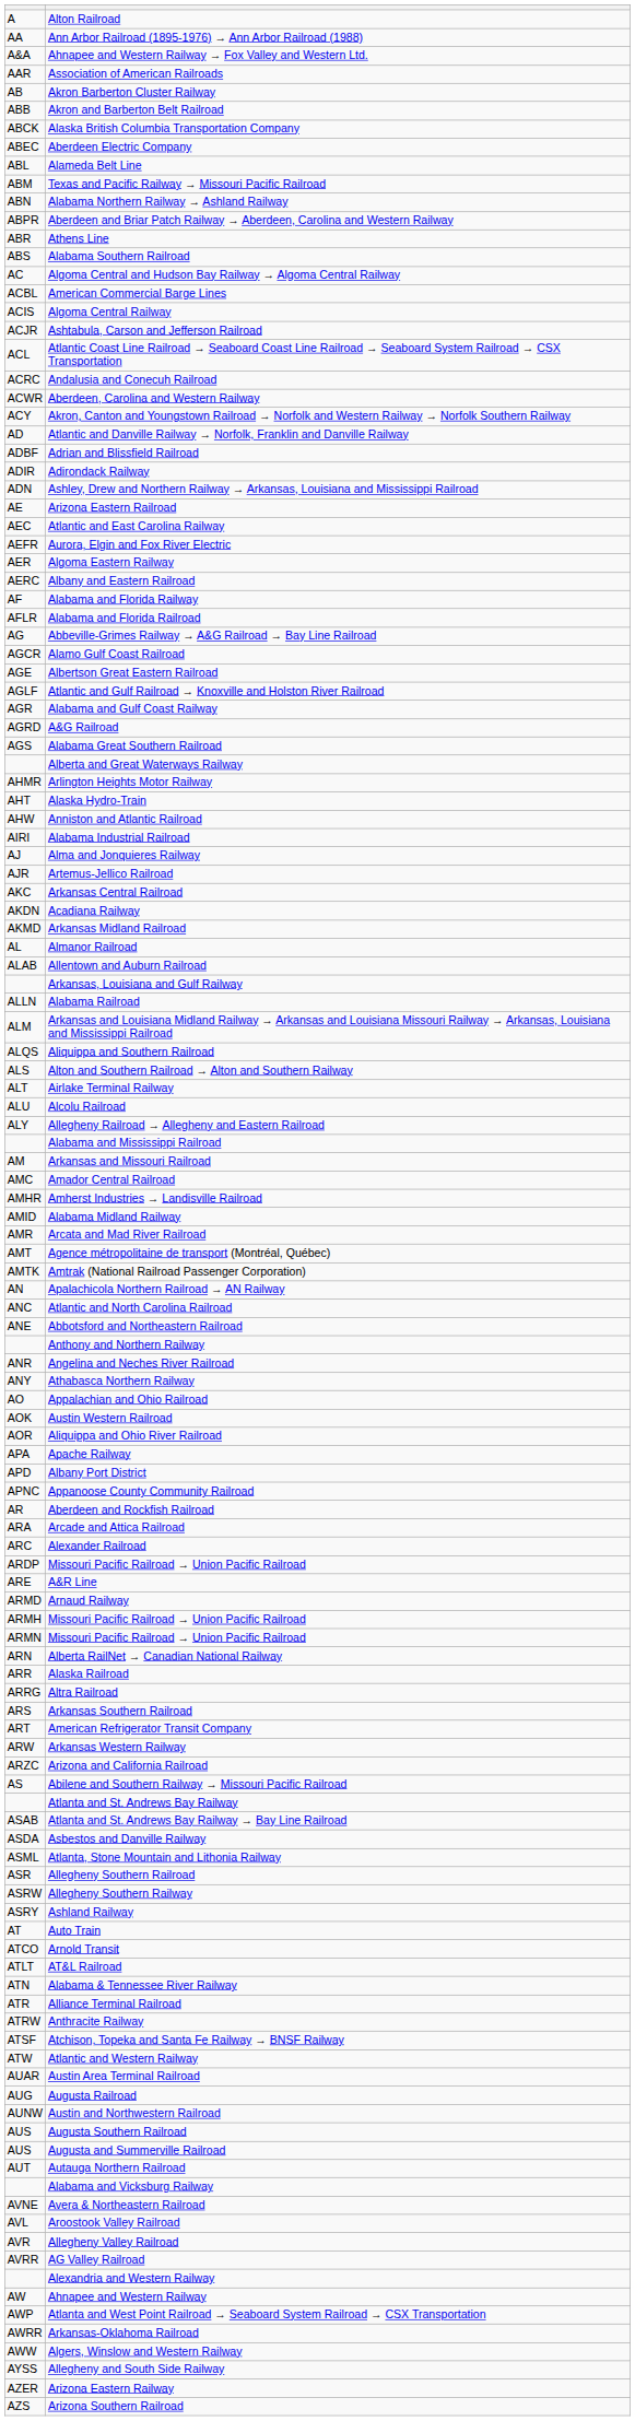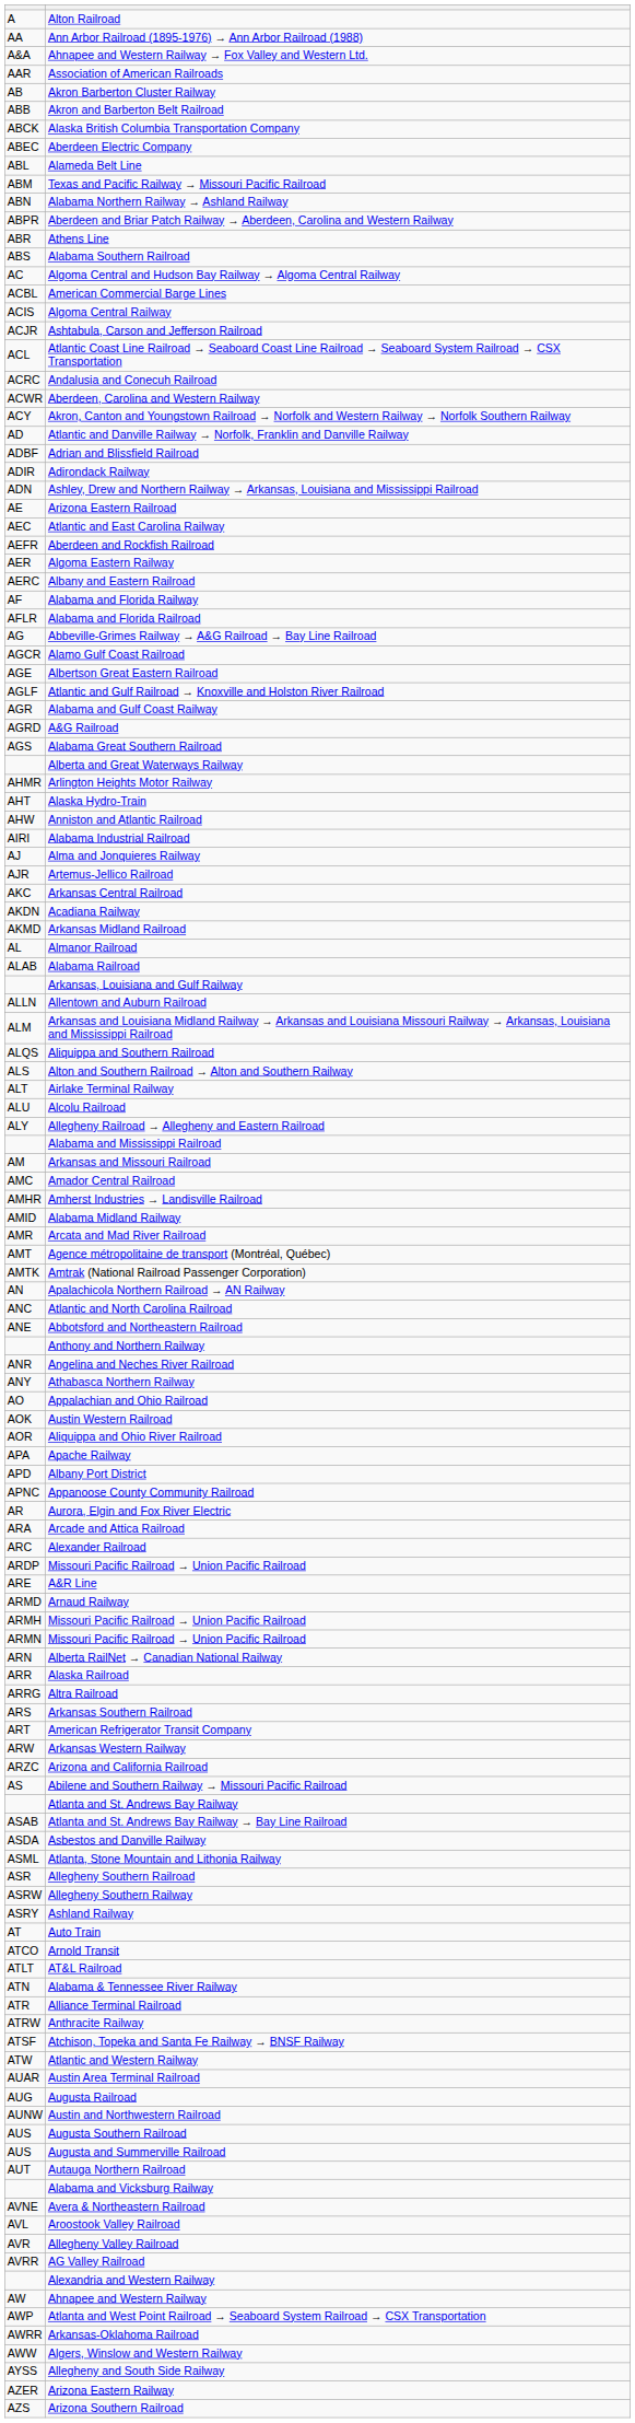 <table class="wikitable sortable">
 <tr>
 <th></th>
 <th></th>
 </tr>
 <tr>
 <td>A</td>
 <td><a href='#'>Alton Railroad</a></td>
 </tr>
 <tr>
 <td>AA</td>
 <td><a href='#'>Ann Arbor Railroad (1895-1976)</a> → <a href='#'>Ann Arbor Railroad (1988)</a></td>
 </tr>
 <tr>
 <td>A&A</td>
 <td><a href='#'>Ahnapee and Western Railway</a> → <a href='#'>Fox Valley and Western Ltd.</a></td>
 </tr>
 <tr>
 <td>AAR</td>
 <td><a href='#'>Association of American Railroads</a></td>
 </tr>
 <tr>
 <td>AB</td>
 <td><a href='#'>Akron Barberton Cluster Railway</a></td>
 </tr>
 <tr>
 <td>ABB</td>
 <td><a href='#'>Akron and Barberton Belt Railroad</a></td>
 </tr>
 <tr>
 <td>ABCK</td>
 <td><a href='#'>Alaska British Columbia Transportation Company</a></td>
 </tr>
 <tr>
 <td>ABEC</td>
 <td><a href='#'>Aberdeen Electric Company</a></td>
 </tr>
 <tr>
 <td>ABL</td>
 <td><a href='#'>Alameda Belt Line</a></td>
 </tr>
 <tr>
 <td>ABM</td>
 <td><a href='#'>Texas and Pacific Railway</a> → <a href='#'>Missouri Pacific Railroad</a></td>
 </tr>
 <tr>
 <td>ABN</td>
 <td><a href='#'>Alabama Northern Railway</a> → <a href='#'>Ashland Railway</a></td>
 </tr>
 <tr>
 <td>ABPR</td>
 <td><a href='#'>Aberdeen and Briar Patch Railway</a> → <a href='#'>Aberdeen, Carolina and Western Railway</a></td>
 </tr>
 <tr>
 <td>ABR</td>
 <td><a href='#'>Athens Line</a></td>
 </tr>
 <tr>
 <td>ABS</td>
 <td><a href='#'>Alabama Southern Railroad</a></td>
 </tr>
 <tr>
 <td>AC</td>
 <td><a href='#'>Algoma Central and Hudson Bay Railway</a> → <a href='#'>Algoma Central Railway</a></td>
 </tr>
 <tr>
 <td>ACBL</td>
 <td><a href='#'>American Commercial Barge Lines</a></td>
 </tr>
 <tr>
 <td>ACIS</td>
 <td><a href='#'>Algoma Central Railway</a></td>
 </tr>
 <tr>
 <td>ACJR</td>
 <td><a href='#'>Ashtabula, Carson and Jefferson Railroad</a></td>
 </tr>
 <tr>
 <td>ACL</td>
 <td><a href='#'>Atlantic Coast Line Railroad</a> → <a href='#'>Seaboard Coast Line Railroad</a> → <a href='#'>Seaboard System Railroad</a> → <a href='#'>CSX Transportation</a></td>
 </tr>
 <tr>
 <td>ACRC</td>
 <td><a href='#'>Andalusia and Conecuh Railroad</a></td>
 </tr>
 <tr>
 <td>ACWR</td>
 <td><a href='#'>Aberdeen, Carolina and Western Railway</a></td>
 </tr>
 <tr>
 <td>ACY</td>
 <td><a href='#'>Akron, Canton and Youngstown Railroad</a> → <a href='#'>Norfolk and Western Railway</a> → <a href='#'>Norfolk Southern Railway</a></td>
 </tr>
 <tr>
 <td>AD</td>
 <td><a href='#'>Atlantic and Danville Railway</a> → <a href='#'>Norfolk, Franklin and Danville Railway</a></td>
 </tr>
 <tr>
 <td>ADBF</td>
 <td><a href='#'>Adrian and Blissfield Railroad</a></td>
 </tr>
 <tr>
 <td>ADIR</td>
 <td><a href='#'>Adirondack Railway</a></td>
 </tr>
 <tr>
 <td>ADN</td>
 <td><a href='#'>Ashley, Drew and Northern Railway</a> → <a href='#'>Arkansas, Louisiana and Mississippi Railroad</a></td>
 </tr>
 <tr>
 <td>AE</td>
 <td><a href='#'>Arizona Eastern Railroad</a></td>
 </tr>
 <tr>
 <td>AEC</td>
 <td><a href='#'>Atlantic and East Carolina Railway</a></td>
 </tr>
 <tr>
 <td>AEFR</td>
-<td><a href='#'>Aurora, Elgin and Fox River Electric</a></td>
+<td><a href='#'>Aberdeen and Rockfish Railroad</a></td>
 </tr>
 <tr>
 <td>AER</td>
 <td><a href='#'>Algoma Eastern Railway</a></td>
 </tr>
 <tr>
 <td>AERC</td>
 <td><a href='#'>Albany and Eastern Railroad</a></td>
 </tr>
 <tr>
 <td>AF</td>
 <td><a href='#'>Alabama and Florida Railway</a></td>
 </tr>
 <tr>
 <td>AFLR</td>
 <td><a href='#'>Alabama and Florida Railroad</a></td>
 </tr>
 <tr>
 <td>AG</td>
 <td><a href='#'>Abbeville-Grimes Railway</a> → <a href='#'>A&G Railroad</a> → <a href='#'>Bay Line Railroad</a></td>
 </tr>
 <tr>
 <td>AGCR</td>
 <td><a href='#'>Alamo Gulf Coast Railroad</a></td>
 </tr>
 <tr>
 <td>AGE</td>
 <td><a href='#'>Albertson Great Eastern Railroad</a></td>
 </tr>
 <tr>
 <td>AGLF</td>
 <td><a href='#'>Atlantic and Gulf Railroad</a> → <a href='#'>Knoxville and Holston River Railroad</a></td>
 </tr>
 <tr>
 <td>AGR</td>
 <td><a href='#'>Alabama and Gulf Coast Railway</a></td>
 </tr>
 <tr>
 <td>AGRD</td>
 <td><a href='#'>A&G Railroad</a></td>
 </tr>
 <tr>
 <td>AGS</td>
 <td><a href='#'>Alabama Great Southern Railroad</a></td>
 </tr>
 <tr>
 <td></td>
 <td><a href='#'>Alberta and Great Waterways Railway</a></td>
 </tr>
 <tr>
 <td>AHMR</td>
 <td><a href='#'>Arlington Heights Motor Railway</a></td>
 </tr>
 <tr>
 <td>AHT</td>
 <td><a href='#'>Alaska Hydro-Train</a></td>
 </tr>
 <tr>
 <td>AHW</td>
 <td><a href='#'>Anniston and Atlantic Railroad</a></td>
 </tr>
 <tr>
 <td>AIRI</td>
 <td><a href='#'>Alabama Industrial Railroad</a></td>
 </tr>
 <tr>
 <td>AJ</td>
 <td><a href='#'>Alma and Jonquieres Railway</a></td>
 </tr>
 <tr>
 <td>AJR</td>
 <td><a href='#'>Artemus-Jellico Railroad</a></td>
 </tr>
 <tr>
 <td>AKC</td>
 <td><a href='#'>Arkansas Central Railroad</a></td>
 </tr>
 <tr>
 <td>AKDN</td>
 <td><a href='#'>Acadiana Railway</a></td>
 </tr>
 <tr>
 <td>AKMD</td>
 <td><a href='#'>Arkansas Midland Railroad</a></td>
 </tr>
 <tr>
 <td>AL</td>
 <td><a href='#'>Almanor Railroad</a></td>
 </tr>
 <tr>
 <td>ALAB</td>
-<td><a href='#'>Allentown and Auburn Railroad</a></td>
+<td><a href='#'>Alabama Railroad</a></td>
 </tr>
 <tr>
 <td></td>
 <td><a href='#'>Arkansas, Louisiana and Gulf Railway</a></td>
 </tr>
 <tr>
 <td>ALLN</td>
-<td><a href='#'>Alabama Railroad</a></td>
+<td><a href='#'>Allentown and Auburn Railroad</a></td>
 </tr>
 <tr>
 <td>ALM</td>
 <td><a href='#'>Arkansas and Louisiana Midland Railway</a> → <a href='#'>Arkansas and Louisiana Missouri Railway</a> → <a href='#'>Arkansas, Louisiana and Mississippi Railroad</a></td>
 </tr>
 <tr>
 <td>ALQS</td>
 <td><a href='#'>Aliquippa and Southern Railroad</a></td>
 </tr>
 <tr>
 <td>ALS</td>
 <td><a href='#'>Alton and Southern Railroad</a> → <a href='#'>Alton and Southern Railway</a></td>
 </tr>
 <tr>
 <td>ALT</td>
 <td><a href='#'>Airlake Terminal Railway</a></td>
 </tr>
 <tr>
 <td>ALU</td>
 <td><a href='#'>Alcolu Railroad</a></td>
 </tr>
 <tr>
 <td>ALY</td>
 <td><a href='#'>Allegheny Railroad</a> → <a href='#'>Allegheny and Eastern Railroad</a></td>
 </tr>
 <tr>
 <td></td>
 <td><a href='#'>Alabama and Mississippi Railroad</a></td>
 </tr>
 <tr>
 <td>AM</td>
 <td><a href='#'>Arkansas and Missouri Railroad</a></td>
 </tr>
 <tr>
 <td>AMC</td>
 <td><a href='#'>Amador Central Railroad</a></td>
 </tr>
 <tr>
 <td>AMHR</td>
 <td><a href='#'>Amherst Industries</a> → <a href='#'>Landisville Railroad</a></td>
 </tr>
 <tr>
 <td>AMID</td>
 <td><a href='#'>Alabama Midland Railway</a></td>
 </tr>
 <tr>
 <td>AMR</td>
 <td><a href='#'>Arcata and Mad River Railroad</a></td>
 </tr>
 <tr>
 <td>AMT</td>
 <td><a href='#'>Agence métropolitaine de transport</a> (Montréal, Québec)</td>
 </tr>
 <tr>
 <td>AMTK</td>
 <td><a href='#'>Amtrak</a> (National Railroad Passenger Corporation)</td>
 </tr>
 <tr>
 <td>AN</td>
 <td><a href='#'>Apalachicola Northern Railroad</a> → <a href='#'>AN Railway</a></td>
 </tr>
 <tr>
 <td>ANC</td>
 <td><a href='#'>Atlantic and North Carolina Railroad</a></td>
 </tr>
 <tr>
 <td>ANE</td>
 <td><a href='#'>Abbotsford and Northeastern Railroad</a></td>
 </tr>
 <tr>
 <td></td>
 <td><a href='#'>Anthony and Northern Railway</a></td>
 </tr>
 <tr>
 <td>ANR</td>
 <td><a href='#'>Angelina and Neches River Railroad</a></td>
 </tr>
 <tr>
 <td>ANY</td>
 <td><a href='#'>Athabasca Northern Railway</a></td>
 </tr>
 <tr>
 <td>AO</td>
 <td><a href='#'>Appalachian and Ohio Railroad</a></td>
 </tr>
 <tr>
 <td>AOK</td>
 <td><a href='#'>Austin Western Railroad</a></td>
 </tr>
 <tr>
 <td>AOR</td>
 <td><a href='#'>Aliquippa and Ohio River Railroad</a></td>
 </tr>
 <tr>
 <td>APA</td>
 <td><a href='#'>Apache Railway</a></td>
 </tr>
 <tr>
 <td>APD</td>
 <td><a href='#'>Albany Port District</a></td>
 </tr>
 <tr>
 <td>APNC</td>
 <td><a href='#'>Appanoose County Community Railroad</a></td>
 </tr>
 <tr>
 <td>AR</td>
-<td><a href='#'>Aberdeen and Rockfish Railroad</a></td>
+<td><a href='#'>Aurora, Elgin and Fox River Electric</a></td>
 </tr>
 <tr>
 <td>ARA</td>
 <td><a href='#'>Arcade and Attica Railroad</a></td>
 </tr>
 <tr>
 <td>ARC</td>
 <td><a href='#'>Alexander Railroad</a></td>
 </tr>
 <tr>
 <td>ARDP</td>
 <td><a href='#'>Missouri Pacific Railroad</a> → <a href='#'>Union Pacific Railroad</a></td>
 </tr>
 <tr>
 <td>ARE</td>
 <td><a href='#'>A&R Line</a></td>
 </tr>
 <tr>
 <td>ARMD</td>
 <td><a href='#'>Arnaud Railway</a></td>
 </tr>
 <tr>
 <td>ARMH</td>
 <td><a href='#'>Missouri Pacific Railroad</a> → <a href='#'>Union Pacific Railroad</a></td>
 </tr>
 <tr>
 <td>ARMN</td>
 <td><a href='#'>Missouri Pacific Railroad</a> → <a href='#'>Union Pacific Railroad</a></td>
 </tr>
 <tr>
 <td>ARN</td>
 <td><a href='#'>Alberta RailNet</a> → <a href='#'>Canadian National Railway</a></td>
 </tr>
 <tr>
 <td>ARR</td>
 <td><a href='#'>Alaska Railroad</a></td>
 </tr>
 <tr>
 <td>ARRG</td>
 <td><a href='#'>Altra Railroad</a></td>
 </tr>
 <tr>
 <td>ARS</td>
 <td><a href='#'>Arkansas Southern Railroad</a></td>
 </tr>
 <tr>
 <td>ART</td>
 <td><a href='#'>American Refrigerator Transit Company</a></td>
 </tr>
 <tr>
 <td>ARW</td>
 <td><a href='#'>Arkansas Western Railway</a></td>
 </tr>
 <tr>
 <td>ARZC</td>
 <td><a href='#'>Arizona and California Railroad</a></td>
 </tr>
 <tr>
 <td>AS</td>
 <td><a href='#'>Abilene and Southern Railway</a> → <a href='#'>Missouri Pacific Railroad</a></td>
 </tr>
 <tr>
 <td></td>
 <td><a href='#'>Atlanta and St. Andrews Bay Railway</a></td>
 </tr>
 <tr>
 <td>ASAB</td>
 <td><a href='#'>Atlanta and St. Andrews Bay Railway</a> → <a href='#'>Bay Line Railroad</a></td>
 </tr>
 <tr>
 <td>ASDA</td>
 <td><a href='#'>Asbestos and Danville Railway</a></td>
 </tr>
 <tr>
 <td>ASML</td>
 <td><a href='#'>Atlanta, Stone Mountain and Lithonia Railway</a></td>
 </tr>
 <tr>
 <td>ASR</td>
 <td><a href='#'>Allegheny Southern Railroad</a></td>
 </tr>
 <tr>
 <td>ASRW</td>
 <td><a href='#'>Allegheny Southern Railway</a></td>
 </tr>
 <tr>
 <td>ASRY</td>
 <td><a href='#'>Ashland Railway</a></td>
 </tr>
 <tr>
 <td>AT</td>
 <td><a href='#'>Auto Train</a></td>
 </tr>
 <tr>
 <td>ATCO</td>
 <td><a href='#'>Arnold Transit</a></td>
 </tr>
 <tr>
 <td>ATLT</td>
 <td><a href='#'>AT&L Railroad</a></td>
 </tr>
 <tr>
 <td>ATN</td>
 <td><a href='#'>Alabama & Tennessee River Railway</a></td>
 </tr>
 <tr>
 <td>ATR</td>
 <td><a href='#'>Alliance Terminal Railroad</a></td>
 </tr>
 <tr>
 <td>ATRW</td>
 <td><a href='#'>Anthracite Railway</a></td>
 </tr>
 <tr>
 <td>ATSF</td>
 <td><a href='#'>Atchison, Topeka and Santa Fe Railway</a> → <a href='#'>BNSF Railway</a></td>
 </tr>
 <tr>
 <td>ATW</td>
 <td><a href='#'>Atlantic and Western Railway</a></td>
 </tr>
 <tr>
 <td>AUAR</td>
 <td><a href='#'>Austin Area Terminal Railroad</a></td>
 </tr>
 <tr>
 <td>AUG</td>
 <td><a href='#'>Augusta Railroad</a></td>
 </tr>
 <tr>
 <td>AUNW</td>
 <td><a href='#'>Austin and Northwestern Railroad</a></td>
 </tr>
 <tr>
 <td>AUS</td>
 <td><a href='#'>Augusta Southern Railroad</a></td>
 </tr>
 <tr>
 <td>AUS</td>
 <td><a href='#'>Augusta and Summerville Railroad</a></td>
 </tr>
 <tr>
 <td>AUT</td>
 <td><a href='#'>Autauga Northern Railroad</a></td>
 </tr>
 <tr>
 <td></td>
 <td><a href='#'>Alabama and Vicksburg Railway</a></td>
 </tr>
 <tr>
 <td>AVNE</td>
 <td><a href='#'>Avera & Northeastern Railroad</a></td>
 </tr>
 <tr>
 <td>AVL</td>
 <td><a href='#'>Aroostook Valley Railroad</a></td>
 </tr>
 <tr>
 <td>AVR</td>
 <td><a href='#'>Allegheny Valley Railroad</a></td>
 </tr>
 <tr>
 <td>AVRR</td>
 <td><a href='#'>AG Valley Railroad</a></td>
 </tr>
 <tr>
 <td></td>
 <td><a href='#'>Alexandria and Western Railway</a></td>
 </tr>
 <tr>
 <td>AW</td>
 <td><a href='#'>Ahnapee and Western Railway</a></td>
 </tr>
 <tr>
 <td>AWP</td>
 <td><a href='#'>Atlanta and West Point Railroad</a> → <a href='#'>Seaboard System Railroad</a> → <a href='#'>CSX Transportation</a></td>
 </tr>
 <tr>
 <td>AWRR</td>
 <td><a href='#'>Arkansas-Oklahoma Railroad</a></td>
 </tr>
 <tr>
 <td>AWW</td>
 <td><a href='#'>Algers, Winslow and Western Railway</a></td>
 </tr>
 <tr>
 <td>AYSS</td>
 <td><a href='#'>Allegheny and South Side Railway</a></td>
 </tr>
 <tr>
 <td>AZER</td>
 <td><a href='#'>Arizona Eastern Railway</a></td>
 </tr>
 <tr>
 <td>AZS</td>
 <td><a href='#'>Arizona Southern Railroad</a></td>
 </tr>
 </table>
